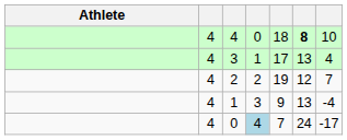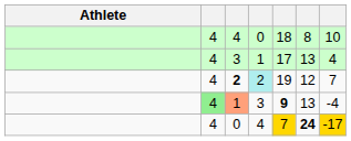 <table class="wikitable" style="text-align:center;">
 <tr>
 <th width=220>Athlete</th>
 <th width=20></th>
 <th width=20></th>
 <th width=20></th>
 <th width=20></th>
 <th width=20></th>
 <th width=20></th>
 </tr>
 <tr bgcolor=ccffcc>
 <td align="left"></td>
 <td>4</td>
 <td>4</td>
 <td>0</td>
 <td>18</td>
-<td><strong>8</strong></td>
+<td>8</td>
 <td>10</td>
 </tr>
 <tr bgcolor=ccffcc>
 <td align="left"></td>
 <td>4</td>
 <td>3</td>
 <td>1</td>
 <td>17</td>
 <td>13</td>
 <td>4</td>
 </tr>
 <tr>
 <td align="left"></td>
 <td>4</td>
-<td>2</td>
-<td>2</td>
+<td><strong>2</strong></td>
+<td style="background: paleturquoise;">2</td>
 <td>19</td>
 <td>12</td>
 <td>7</td>
 </tr>
 <tr>
 <td align="left"></td>
-<td>4</td>
-<td>1</td>
+<td style="background: lightgreen;">4</td>
+<td style="background: lightsalmon;">1</td>
 <td>3</td>
-<td>9</td>
+<td><strong>9</strong></td>
 <td>13</td>
 <td>-4</td>
 </tr>
 <tr>
 <td align="left"></td>
 <td>4</td>
 <td>0</td>
-<td style="background: lightblue;">4</td>
-<td>7</td>
-<td>24</td>
-<td>-17</td>
+<td>4</td>
+<td style="background: gold;">7</td>
+<td><strong>24</strong></td>
+<td style="background: gold;">-17</td>
 </tr>
 </table>
